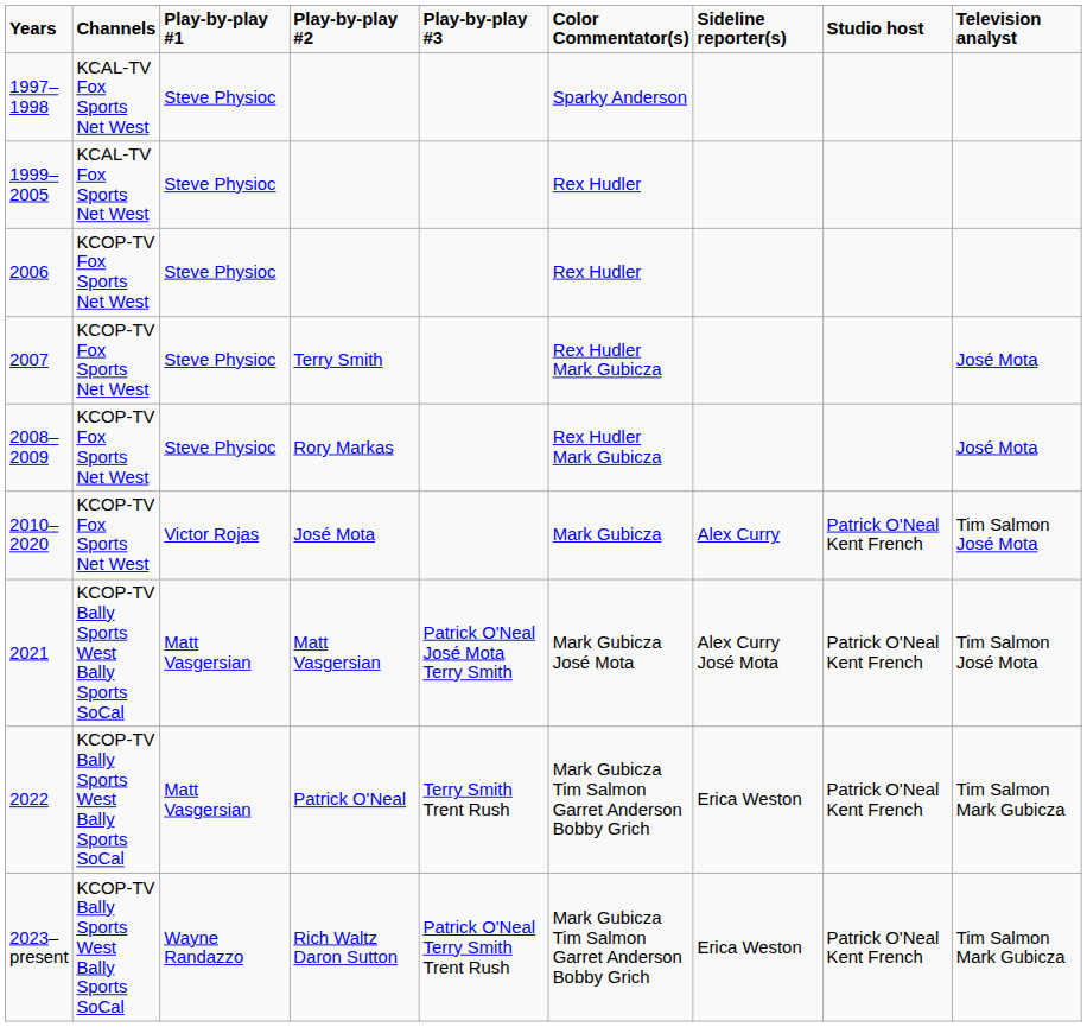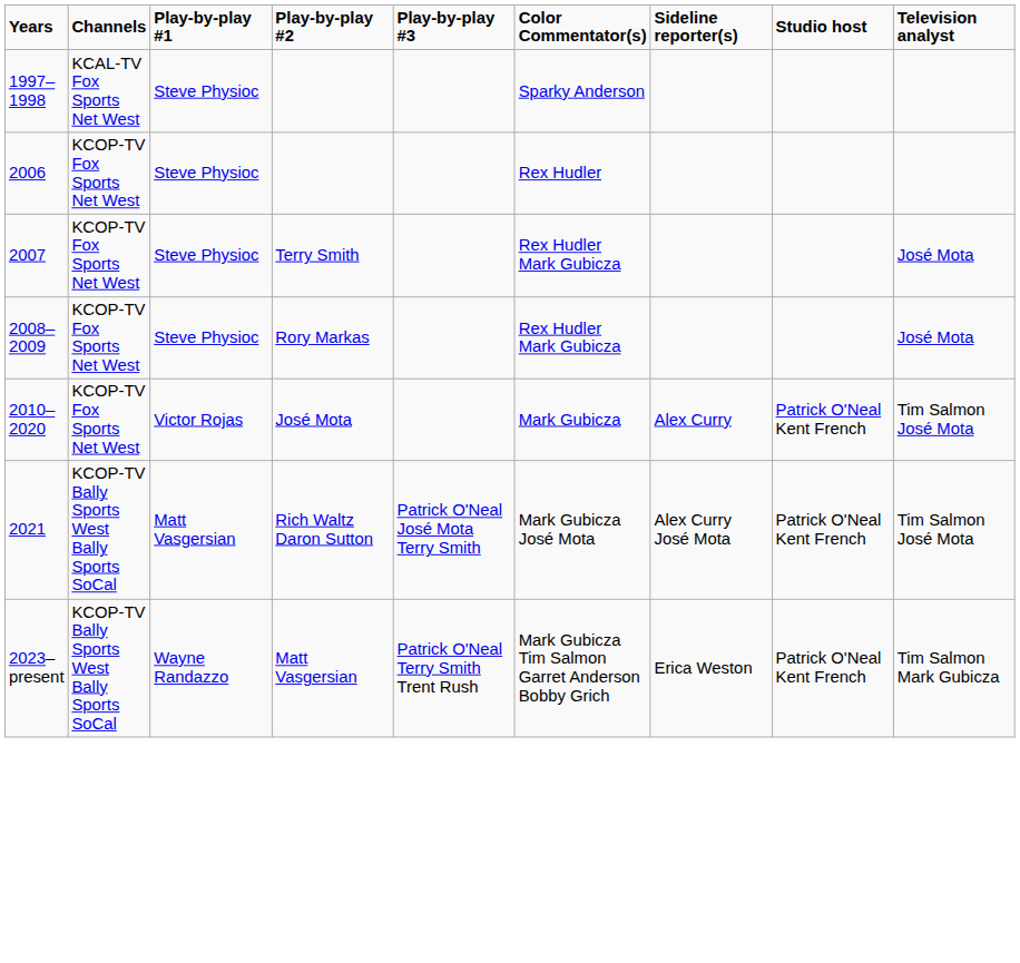 <table class="wikitable">
 <tr>
 <td width="40"><strong>Years</strong></td>
 <td width="40"><strong>Channels</strong></td>
 <td width="110"><strong>Play-by-play #1</strong></td>
 <td width="110"><strong>Play-by-play #2</strong></td>
 <td width="110"><strong>Play-by-play #3</strong></td>
 <td width="110"><strong>Color Commentator(s)</strong></td>
 <td width="110"><strong>Sideline reporter(s)</strong></td>
 <td width="110"><strong>Studio host</strong></td>
 <td width="110"><strong>Television analyst</strong></td>
 </tr>
 <tr>
 <td><a href='#'>1997–1998</a></td>
 <td>KCAL-TV<br><a href='#'>Fox Sports Net West</a></td>
 <td><a href='#'>Steve Physioc</a></td>
 <td></td>
 <td></td>
 <td><a href='#'>Sparky Anderson</a></td>
-<td></td>
-<td></td>
-<td></td>
-</tr>
-<tr>
-<td><a href='#'>1999–2005</a></td>
-<td>KCAL-TV<br><a href='#'>Fox Sports Net West</a></td>
-<td><a href='#'>Steve Physioc</a></td>
-<td></td>
-<td></td>
-<td><a href='#'>Rex Hudler</a></td>
 <td></td>
 <td></td>
 <td></td>
 </tr>
 <tr>
 <td><a href='#'>2006</a></td>
 <td>KCOP-TV<br><a href='#'>Fox Sports Net West</a></td>
 <td><a href='#'>Steve Physioc</a></td>
 <td></td>
 <td></td>
 <td><a href='#'>Rex Hudler</a></td>
 <td></td>
 <td></td>
 <td></td>
 </tr>
 <tr>
 <td><a href='#'>2007</a></td>
 <td>KCOP-TV<br><a href='#'>Fox Sports Net West</a></td>
 <td><a href='#'>Steve Physioc</a></td>
 <td><a href='#'>Terry Smith</a></td>
 <td></td>
 <td><a href='#'>Rex Hudler</a><br><a href='#'>Mark Gubicza</a></td>
 <td></td>
 <td></td>
 <td><a href='#'>José Mota</a></td>
 </tr>
 <tr>
 <td><a href='#'>2008–2009</a></td>
 <td>KCOP-TV<br><a href='#'>Fox Sports Net West</a></td>
 <td><a href='#'>Steve Physioc</a></td>
 <td><a href='#'>Rory Markas</a></td>
 <td></td>
 <td><a href='#'>Rex Hudler</a><br><a href='#'>Mark Gubicza</a></td>
 <td></td>
 <td></td>
 <td><a href='#'>José Mota</a></td>
 </tr>
 <tr>
 <td><a href='#'>2010–2020</a></td>
 <td>KCOP-TV<br><a href='#'>Fox Sports Net West</a></td>
 <td><a href='#'>Victor Rojas</a></td>
 <td><a href='#'>José Mota</a></td>
 <td></td>
 <td><a href='#'>Mark Gubicza</a></td>
 <td><a href='#'>Alex Curry</a></td>
 <td><a href='#'>Patrick O'Neal</a><br>Kent French</td>
 <td>Tim Salmon<br><a href='#'>José Mota</a></td>
 </tr>
 <tr>
 <td><a href='#'>2021</a></td>
 <td>KCOP-TV<br><a href='#'>Bally Sports West</a><br><a href='#'>Bally Sports SoCal</a></td>
 <td><a href='#'>Matt Vasgersian</a></td>
-<td><a href='#'>Matt Vasgersian</a></td>
+<td><a href='#'>Rich Waltz</a><br><a href='#'>Daron Sutton</a></td>
 <td><a href='#'>Patrick O'Neal</a><br><a href='#'>José Mota</a><br><a href='#'>Terry Smith</a></td>
 <td>Mark Gubicza<br>José Mota</td>
 <td>Alex Curry<br>José Mota</td>
 <td>Patrick O'Neal<br>Kent French</td>
 <td>Tim Salmon<br>José Mota</td>
 </tr>
 <tr>
-<td><a href='#'>2022</a></td>
-<td>KCOP-TV<br><a href='#'>Bally Sports West</a><br><a href='#'>Bally Sports SoCal</a></td>
-<td><a href='#'>Matt Vasgersian</a></td>
-<td><a href='#'>Patrick O'Neal</a></td>
-<td><a href='#'>Terry Smith</a><br>Trent Rush</td>
-<td>Mark Gubicza<br>Tim Salmon<br>Garret Anderson<br>Bobby Grich</td>
-<td>Erica Weston</td>
-<td>Patrick O'Neal<br>Kent French</td>
-<td>Tim Salmon<br>Mark Gubicza</td>
-</tr>
-<tr>
 <td><a href='#'>2023</a>–present</td>
 <td>KCOP-TV<br><a href='#'>Bally Sports West</a><br><a href='#'>Bally Sports SoCal</a></td>
 <td><a href='#'>Wayne Randazzo</a></td>
-<td><a href='#'>Rich Waltz</a><br><a href='#'>Daron Sutton</a></td>
+<td><a href='#'>Matt Vasgersian</a></td>
 <td><a href='#'>Patrick O'Neal</a><br><a href='#'>Terry Smith</a><br>Trent Rush</td>
 <td>Mark Gubicza<br>Tim Salmon<br>Garret Anderson<br>Bobby Grich</td>
 <td>Erica Weston</td>
 <td>Patrick O'Neal<br>Kent French</td>
 <td>Tim Salmon<br>Mark Gubicza</td>
 </tr>
 </table>
